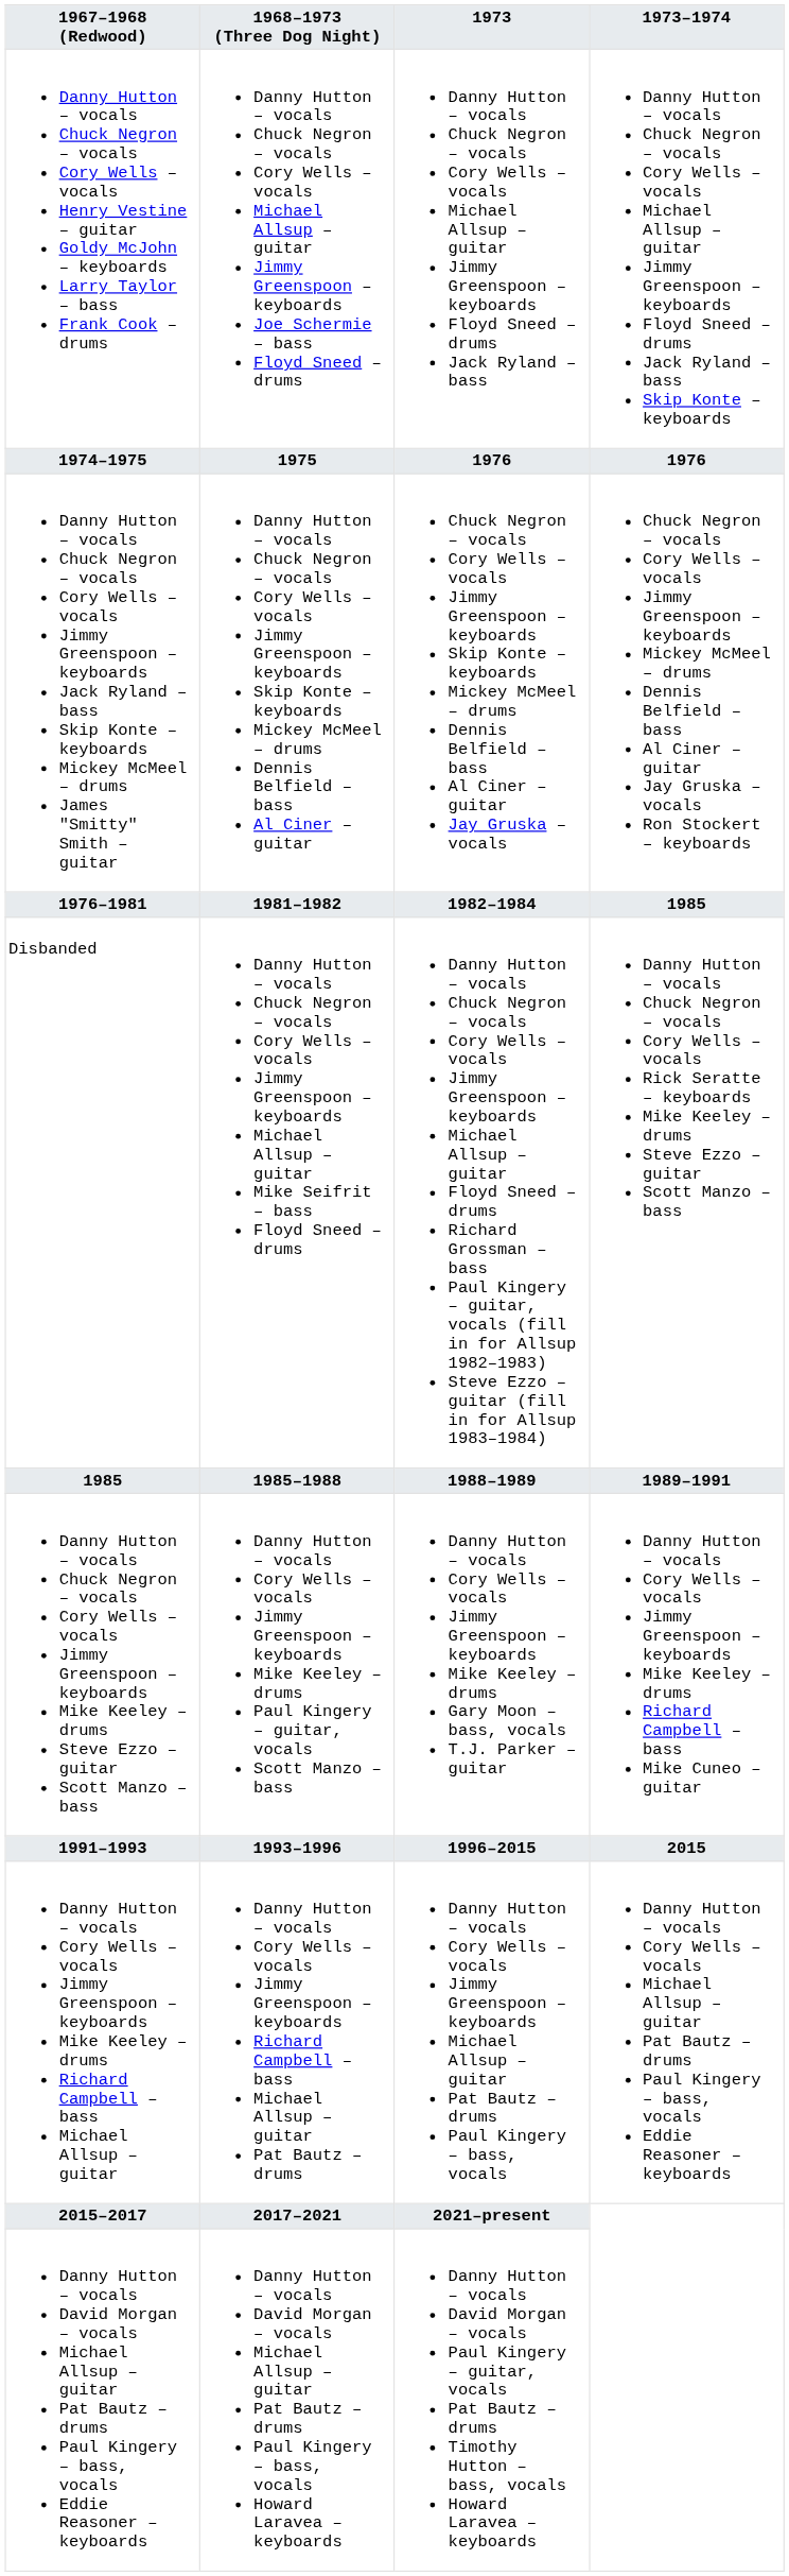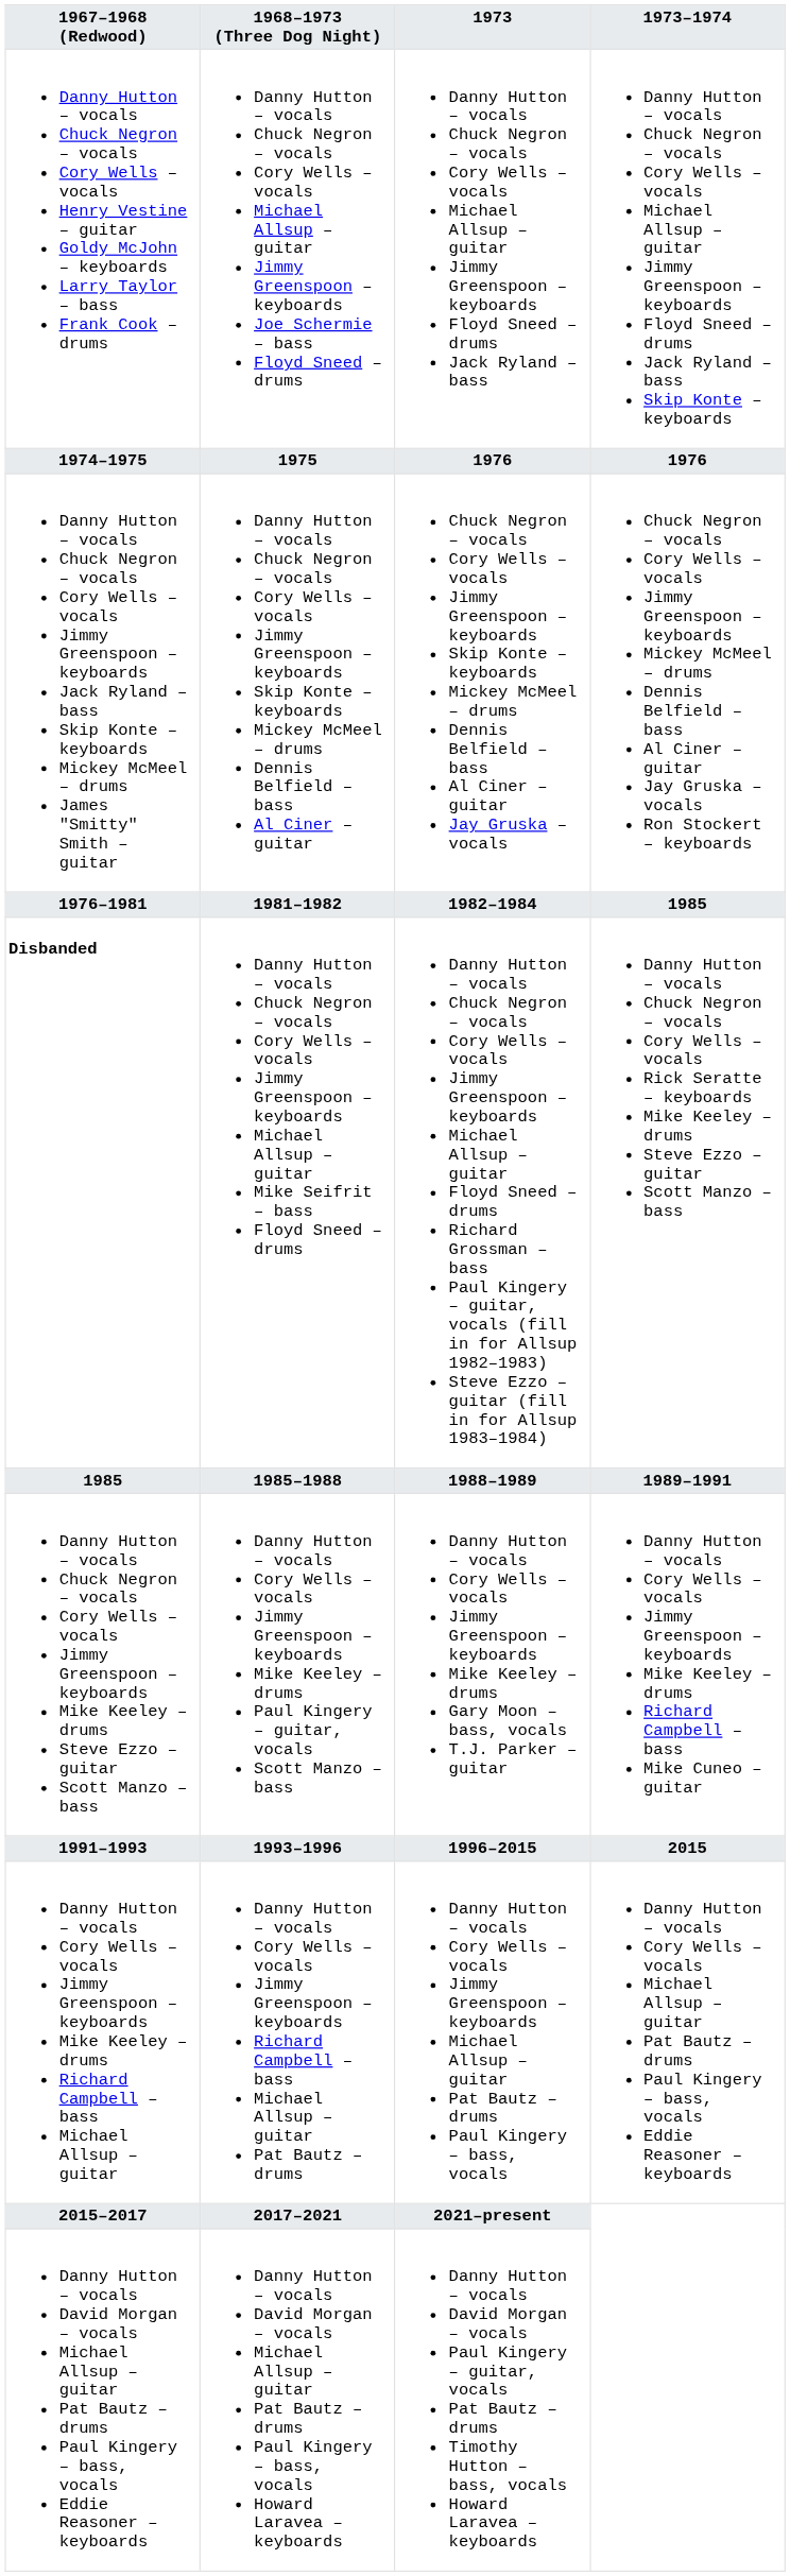 <table class="toccolours" border="1" cellpadding="2" cellspacing="0"  style="float:width:375px; margin:0 0 1em 1em; border-collapse:collapse; border:1px solid #e2e2e2; width:99%;">
 <tr>
 <th style="vertical-align:top; background:#e7ebee; width:25%;">1967–1968<br>(Redwood)</th>
 <th style="vertical-align:top; background:#e7ebee; width:25%;">1968–1973<br>(Three Dog Night)</th>
 <th style="vertical-align:top; background:#e7ebee; width:25%;">1973</th>
 <th style="vertical-align:top; background:#e7ebee; width:25%;">1973–1974</th>
 </tr>
 <tr>
 <td valign=top><br><ul><li><a href='#'>Danny Hutton</a> – vocals</li><li><a href='#'>Chuck Negron</a> – vocals</li><li><a href='#'>Cory Wells</a> – vocals</li><li><a href='#'>Henry Vestine</a> – guitar</li><li><a href='#'>Goldy McJohn</a> – keyboards</li><li><a href='#'>Larry Taylor</a> – bass</li><li><a href='#'>Frank Cook</a> – drums</li></ul></td>
 <td valign=top><br><ul><li>Danny Hutton – vocals</li><li>Chuck Negron – vocals</li><li>Cory Wells – vocals</li><li><a href='#'>Michael Allsup</a> – guitar</li><li><a href='#'>Jimmy Greenspoon</a> – keyboards</li><li><a href='#'>Joe Schermie</a> – bass</li><li><a href='#'>Floyd Sneed</a> – drums</li></ul></td>
 <td valign=top><br><ul><li>Danny Hutton – vocals</li><li>Chuck Negron – vocals</li><li>Cory Wells – vocals</li><li>Michael Allsup – guitar</li><li>Jimmy Greenspoon – keyboards</li><li>Floyd Sneed – drums</li><li>Jack Ryland – bass</li></ul></td>
 <td valign=top><br><ul><li>Danny Hutton – vocals</li><li>Chuck Negron – vocals</li><li>Cory Wells – vocals</li><li>Michael Allsup – guitar</li><li>Jimmy Greenspoon – keyboards</li><li>Floyd Sneed – drums</li><li>Jack Ryland – bass</li><li><a href='#'>Skip Konte</a> – keyboards</li></ul></td>
 </tr>
 <tr>
 <th style="vertical-align:top; background:#e7ebee; width:25%;">1974–1975</th>
 <th style="vertical-align:top; background:#e7ebee; width:25%;">1975</th>
 <th style="vertical-align:top; background:#e7ebee; width:25%;">1976</th>
 <th style="vertical-align:top; background:#e7ebee; width:25%;">1976</th>
 </tr>
 <tr>
 <td valign=top><br><ul><li>Danny Hutton – vocals</li><li>Chuck Negron – vocals</li><li>Cory Wells – vocals</li><li>Jimmy Greenspoon – keyboards</li><li>Jack Ryland – bass</li><li>Skip Konte – keyboards</li><li>Mickey McMeel – drums</li><li>James "Smitty" Smith – guitar</li></ul></td>
 <td valign=top><br><ul><li>Danny Hutton – vocals</li><li>Chuck Negron – vocals</li><li>Cory Wells – vocals</li><li>Jimmy Greenspoon – keyboards</li><li>Skip Konte – keyboards</li><li>Mickey McMeel – drums</li><li>Dennis Belfield – bass</li><li><a href='#'>Al Ciner</a> – guitar</li></ul></td>
 <td valign=top><br><ul><li>Chuck Negron – vocals</li><li>Cory Wells – vocals</li><li>Jimmy Greenspoon – keyboards</li><li>Skip Konte – keyboards</li><li>Mickey McMeel – drums</li><li>Dennis Belfield – bass</li><li>Al Ciner – guitar</li><li><a href='#'>Jay Gruska</a> – vocals</li></ul></td>
 <td valign=top><br><ul><li>Chuck Negron – vocals</li><li>Cory Wells – vocals</li><li>Jimmy Greenspoon – keyboards</li><li>Mickey McMeel – drums</li><li>Dennis Belfield – bass</li><li>Al Ciner – guitar</li><li>Jay Gruska – vocals</li><li>Ron Stockert – keyboards</li></ul></td>
 </tr>
 <tr>
 <th style="vertical-align:top; background:#e7ebee; width:25%;">1976–1981</th>
 <th style="vertical-align:top; background:#e7ebee; width:25%;">1981–1982</th>
 <th style="vertical-align:top; background:#e7ebee; width:25%;">1982–1984</th>
 <th style="vertical-align:top; background:#e7ebee; width:25%;">1985</th>
 </tr>
 <tr>
-<td valign=top><br>Disbanded</td>
+<td valign=top><strong><br>Disbanded</strong></td>
 <td valign=top><br><ul><li>Danny Hutton – vocals</li><li>Chuck Negron – vocals</li><li>Cory Wells – vocals</li><li>Jimmy Greenspoon – keyboards</li><li>Michael Allsup – guitar</li><li>Mike Seifrit – bass</li><li>Floyd Sneed – drums</li></ul></td>
 <td valign=top><br><ul><li>Danny Hutton – vocals</li><li>Chuck Negron – vocals</li><li>Cory Wells – vocals</li><li>Jimmy Greenspoon – keyboards</li><li>Michael Allsup – guitar</li><li>Floyd Sneed – drums</li><li>Richard Grossman – bass</li><li>Paul Kingery – guitar, vocals (fill in for Allsup 1982–1983)</li><li>Steve Ezzo – guitar (fill in for Allsup 1983–1984)</li></ul></td>
 <td valign=top><br><ul><li>Danny Hutton – vocals</li><li>Chuck Negron – vocals</li><li>Cory Wells – vocals</li><li>Rick Seratte – keyboards</li><li>Mike Keeley – drums</li><li>Steve Ezzo – guitar</li><li>Scott Manzo – bass</li></ul></td>
 </tr>
 <tr>
 <th style="vertical-align:top; background:#e7ebee; width:25%;">1985</th>
 <th style="vertical-align:top; background:#e7ebee; width:25%;">1985–1988</th>
 <th style="vertical-align:top; background:#e7ebee; width:25%;">1988–1989</th>
 <th style="vertical-align:top; background:#e7ebee; width:25%;">1989–1991</th>
 </tr>
 <tr>
 <td valign=top><br><ul><li>Danny Hutton – vocals</li><li>Chuck Negron – vocals</li><li>Cory Wells – vocals</li><li>Jimmy Greenspoon – keyboards</li><li>Mike Keeley – drums</li><li>Steve Ezzo – guitar</li><li>Scott Manzo – bass</li></ul></td>
 <td valign=top><br><ul><li>Danny Hutton – vocals</li><li>Cory Wells – vocals</li><li>Jimmy Greenspoon – keyboards</li><li>Mike Keeley – drums</li><li>Paul Kingery – guitar, vocals</li><li>Scott Manzo – bass</li></ul></td>
 <td valign=top><br><ul><li>Danny Hutton – vocals</li><li>Cory Wells – vocals</li><li>Jimmy Greenspoon – keyboards</li><li>Mike Keeley – drums</li><li>Gary Moon – bass, vocals</li><li>T.J. Parker – guitar</li></ul></td>
 <td valign=top><br><ul><li>Danny Hutton – vocals</li><li>Cory Wells – vocals</li><li>Jimmy Greenspoon – keyboards</li><li>Mike Keeley – drums</li><li><a href='#'>Richard Campbell</a> – bass</li><li>Mike Cuneo – guitar</li></ul></td>
 </tr>
 <tr>
 <th style="vertical-align:top; background:#e7ebee; width:25%;">1991–1993</th>
 <th style="vertical-align:top; background:#e7ebee; width:25%;">1993–1996</th>
 <th style="vertical-align:top; background:#e7ebee; width:25%;">1996–2015</th>
 <th style="vertical-align:top; background:#e7ebee; width:25%;">2015</th>
 </tr>
 <tr>
 <td valign=top><br><ul><li>Danny Hutton – vocals</li><li>Cory Wells – vocals</li><li>Jimmy Greenspoon – keyboards</li><li>Mike Keeley – drums</li><li><a href='#'>Richard Campbell</a> – bass</li><li>Michael Allsup – guitar</li></ul></td>
 <td valign=top><br><ul><li>Danny Hutton – vocals</li><li>Cory Wells – vocals</li><li>Jimmy Greenspoon – keyboards</li><li><a href='#'>Richard Campbell</a> – bass</li><li>Michael Allsup – guitar</li><li>Pat Bautz – drums</li></ul></td>
 <td valign=top><br><ul><li>Danny Hutton – vocals</li><li>Cory Wells – vocals</li><li>Jimmy Greenspoon – keyboards</li><li>Michael Allsup – guitar</li><li>Pat Bautz – drums</li><li>Paul Kingery – bass, vocals</li></ul></td>
 <td valign=top><br><ul><li>Danny Hutton – vocals</li><li>Cory Wells – vocals</li><li>Michael Allsup – guitar</li><li>Pat Bautz – drums</li><li>Paul Kingery – bass, vocals</li><li>Eddie Reasoner – keyboards</li></ul></td>
 </tr>
 <tr>
 <th style="vertical-align:top; background:#e7ebee; width:25%;">2015–2017</th>
 <th style="vertical-align:top; background:#e7ebee; width:25%;">2017–2021</th>
 <th style="vertical-align:top; background:#e7ebee; width:25%;">2021–present</th>
 </tr>
 <tr>
 <td valign=top><br><ul><li>Danny Hutton – vocals</li><li>David Morgan – vocals</li><li>Michael Allsup – guitar</li><li>Pat Bautz – drums</li><li>Paul Kingery – bass, vocals</li><li>Eddie Reasoner – keyboards</li></ul></td>
 <td valign=top><br><ul><li>Danny Hutton – vocals</li><li>David Morgan – vocals</li><li>Michael Allsup – guitar</li><li>Pat Bautz – drums</li><li>Paul Kingery – bass, vocals</li><li>Howard Laravea – keyboards</li></ul></td>
 <td valign=top><br><ul><li>Danny Hutton – vocals</li><li>David Morgan – vocals</li><li>Paul Kingery – guitar, vocals</li><li>Pat Bautz – drums</li><li>Timothy Hutton – bass, vocals</li><li>Howard Laravea – keyboards</li></ul></td>
 </tr>
 </table>
